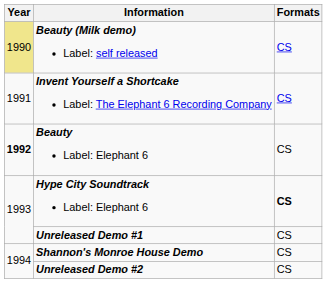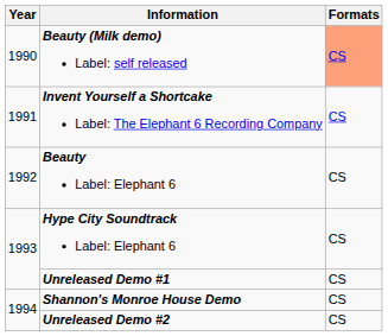 <table class="wikitable">
 <tr>
 <th>Year</th>
 <th>Information</th>
 <th>Formats</th>
 </tr>
 <tr>
-<td style="background: khaki;">1990</td>
+<td>1990</td>
 <td><strong><em>Beauty (Milk demo)</em></strong><br><ul><li>Label: <a href='#'>self released</a></li></ul></td>
-<td><a href='#'>CS</a></td>
+<td style="background: lightsalmon;"><a href='#'>CS</a></td>
 </tr>
 <tr>
 <td>1991</td>
 <td><strong><em>Invent Yourself a Shortcake</em></strong><br><ul><li>Label: <a href='#'>The Elephant 6 Recording Company</a></li></ul></td>
 <td><a href='#'>CS</a></td>
 </tr>
 <tr>
-<td><strong>1992</strong></td>
+<td>1992</td>
 <td><strong><em>Beauty</em></strong><br><ul><li>Label: Elephant 6</li></ul></td>
 <td>CS</td>
 </tr>
 <tr>
 <td rowspan=2>1993</td>
 <td><strong><em>Hype City Soundtrack</em></strong><br><ul><li>Label: Elephant 6</li></ul></td>
-<td><strong>CS</strong></td>
+<td>CS</td>
 </tr>
 <tr>
 <td><strong><em>Unreleased Demo #1</em></strong></td>
 <td>CS</td>
 </tr>
 <tr>
 <td rowspan=2>1994</td>
 <td><strong><em>Shannon's Monroe House Demo</em></strong></td>
 <td>CS</td>
 </tr>
 <tr>
 <td><strong><em>Unreleased Demo #2</em></strong></td>
 <td>CS</td>
 </tr>
 </table>
